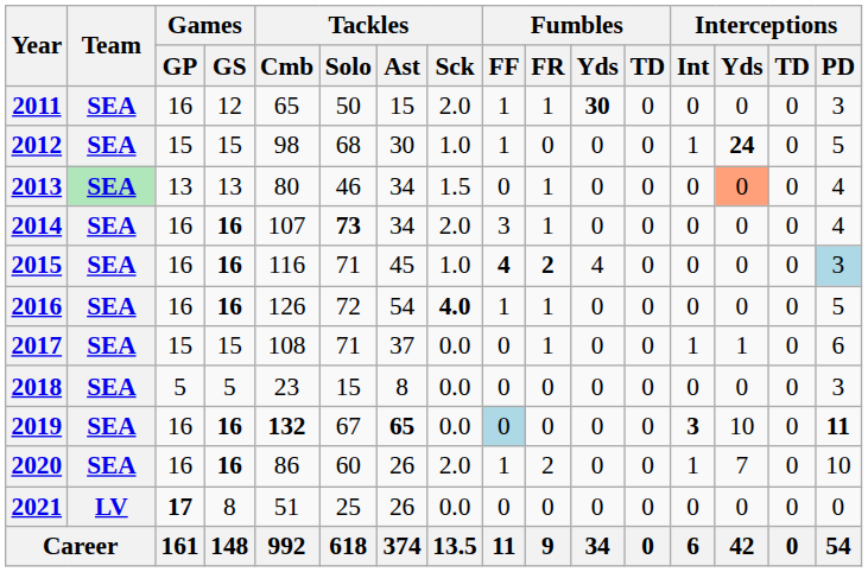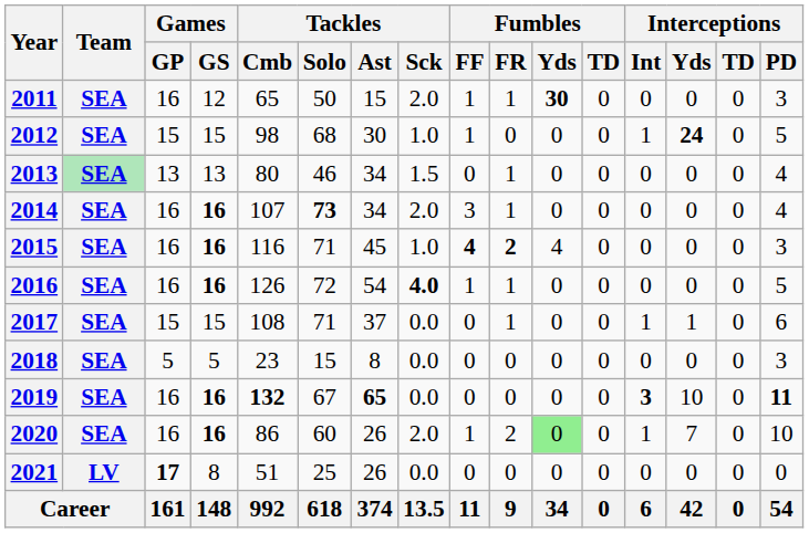 <table class="wikitable" style="text-align:center;">
 <tr>
 <th rowspan="2">Year</th>
 <th rowspan="2">Team</th>
 <th colspan="2">Games</th>
 <th colspan="4">Tackles</th>
 <th colspan="4">Fumbles</th>
 <th colspan="4">Interceptions</th>
 </tr>
 <tr>
 <th>GP</th>
 <th>GS</th>
 <th>Cmb</th>
 <th>Solo</th>
 <th>Ast</th>
 <th>Sck</th>
 <th>FF</th>
 <th>FR</th>
 <th>Yds</th>
 <th>TD</th>
 <th>Int</th>
 <th>Yds</th>
 <th>TD</th>
 <th>PD</th>
 </tr>
 <tr>
 <th><a href='#'>2011</a></th>
 <th><a href='#'>SEA</a></th>
 <td>16</td>
 <td>12</td>
 <td>65</td>
 <td>50</td>
 <td>15</td>
 <td>2.0</td>
 <td>1</td>
 <td>1</td>
 <td><strong>30</strong></td>
 <td>0</td>
 <td>0</td>
 <td>0</td>
 <td>0</td>
 <td>3</td>
 </tr>
 <tr>
 <th><a href='#'>2012</a></th>
 <th><a href='#'>SEA</a></th>
 <td>15</td>
 <td>15</td>
 <td>98</td>
 <td>68</td>
 <td>30</td>
 <td>1.0</td>
 <td>1</td>
 <td>0</td>
 <td>0</td>
 <td>0</td>
 <td>1</td>
 <td><strong>24</strong></td>
 <td>0</td>
 <td>5</td>
 </tr>
 <tr>
 <th><a href='#'>2013</a></th>
 <th style="background:#afe6ba; width:3em;"><a href='#'>SEA</a></th>
 <td>13</td>
 <td>13</td>
 <td>80</td>
 <td>46</td>
 <td>34</td>
 <td>1.5</td>
 <td>0</td>
 <td>1</td>
 <td>0</td>
 <td>0</td>
 <td>0</td>
-<td style="background: lightsalmon;">0</td>
+<td>0</td>
 <td>0</td>
 <td>4</td>
 </tr>
 <tr>
 <th><a href='#'>2014</a></th>
 <th><a href='#'>SEA</a></th>
 <td>16</td>
 <td><strong>16</strong></td>
 <td>107</td>
 <td><strong>73</strong></td>
 <td>34</td>
 <td>2.0</td>
 <td>3</td>
 <td>1</td>
 <td>0</td>
 <td>0</td>
 <td>0</td>
 <td>0</td>
 <td>0</td>
 <td>4</td>
 </tr>
 <tr>
 <th><a href='#'>2015</a></th>
 <th><a href='#'>SEA</a></th>
 <td>16</td>
 <td><strong>16</strong></td>
 <td>116</td>
 <td>71</td>
 <td>45</td>
 <td>1.0</td>
 <td><strong>4</strong></td>
 <td><strong>2</strong></td>
 <td>4</td>
 <td>0</td>
 <td>0</td>
 <td>0</td>
 <td>0</td>
-<td style="background: lightblue;">3</td>
+<td>3</td>
 </tr>
 <tr>
 <th><a href='#'>2016</a></th>
 <th><a href='#'>SEA</a></th>
 <td>16</td>
 <td><strong>16</strong></td>
 <td>126</td>
 <td>72</td>
 <td>54</td>
 <td><strong>4.0</strong></td>
 <td>1</td>
 <td>1</td>
 <td>0</td>
 <td>0</td>
 <td>0</td>
 <td>0</td>
 <td>0</td>
 <td>5</td>
 </tr>
 <tr>
 <th><a href='#'>2017</a></th>
 <th><a href='#'>SEA</a></th>
 <td>15</td>
 <td>15</td>
 <td>108</td>
 <td>71</td>
 <td>37</td>
 <td>0.0</td>
 <td>0</td>
 <td>1</td>
 <td>0</td>
 <td>0</td>
 <td>1</td>
 <td>1</td>
 <td>0</td>
 <td>6</td>
 </tr>
 <tr>
 <th><a href='#'>2018</a></th>
 <th><a href='#'>SEA</a></th>
 <td>5</td>
 <td>5</td>
 <td>23</td>
 <td>15</td>
 <td>8</td>
 <td>0.0</td>
 <td>0</td>
 <td>0</td>
 <td>0</td>
 <td>0</td>
 <td>0</td>
 <td>0</td>
 <td>0</td>
 <td>3</td>
 </tr>
 <tr>
 <th><a href='#'>2019</a></th>
 <th><a href='#'>SEA</a></th>
 <td>16</td>
 <td><strong>16</strong></td>
 <td><strong>132</strong></td>
 <td>67</td>
 <td><strong>65</strong></td>
 <td>0.0</td>
-<td style="background: lightblue;">0</td>
+<td>0</td>
 <td>0</td>
 <td>0</td>
 <td>0</td>
 <td><strong>3</strong></td>
 <td>10</td>
 <td>0</td>
 <td><strong>11</strong></td>
 </tr>
 <tr>
 <th><a href='#'>2020</a></th>
 <th><a href='#'>SEA</a></th>
 <td>16</td>
 <td><strong>16</strong></td>
 <td>86</td>
 <td>60</td>
 <td>26</td>
 <td>2.0</td>
 <td>1</td>
 <td>2</td>
-<td>0</td>
+<td style="background: lightgreen;">0</td>
 <td>0</td>
 <td>1</td>
 <td>7</td>
 <td>0</td>
 <td>10</td>
 </tr>
 <tr>
 <th><a href='#'>2021</a></th>
 <th><a href='#'>LV</a></th>
 <td><strong>17</strong></td>
 <td>8</td>
 <td>51</td>
 <td>25</td>
 <td>26</td>
 <td>0.0</td>
 <td>0</td>
 <td>0</td>
 <td>0</td>
 <td>0</td>
 <td>0</td>
 <td>0</td>
 <td>0</td>
 <td>0</td>
 </tr>
 <tr>
 <th colspan="2">Career</th>
 <th>161</th>
 <th>148</th>
 <th>992</th>
 <th>618</th>
 <th>374</th>
 <th>13.5</th>
 <th>11</th>
 <th>9</th>
 <th>34</th>
 <th>0</th>
 <th>6</th>
 <th>42</th>
 <th>0</th>
 <th>54</th>
 </tr>
 </table>
